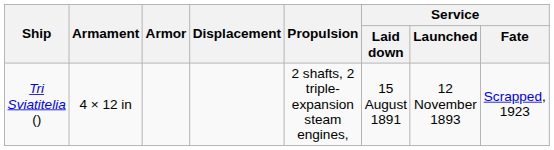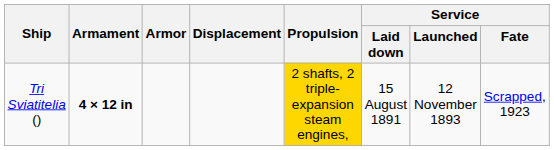 <table class="wikitable">
 <tr valign="center">
 <th align= center rowspan=2>Ship</th>
 <th align= center rowspan=2>Armament</th>
 <th align= center rowspan=2>Armor</th>
 <th align= center rowspan=2>Displacement</th>
 <th align= center rowspan=2>Propulsion</th>
 <th align= center colspan=3>Service</th>
 </tr>
 <tr valign="top">
 <th align= center>Laid down</th>
 <th align= center>Launched</th>
 <th align= center>Fate</th>
 </tr>
 <tr valign="center">
 <td align= center><em><a href='#'>Tri Sviatitelia</a></em><br>()</td>
-<td align= center>4 × 12 in</td>
+<td align= center><strong>4 × 12 in</strong></td>
 <td align= center></td>
 <td align= center></td>
-<td align= center>2 shafts, 2 triple-expansion steam engines, </td>
+<td align= center style="background: gold;">2 shafts, 2 triple-expansion steam engines, </td>
 <td align= center>15 August 1891</td>
 <td align= center>12 November 1893</td>
 <td align= center><a href='#'>Scrapped</a>, 1923</td>
 </tr>
 </table>
